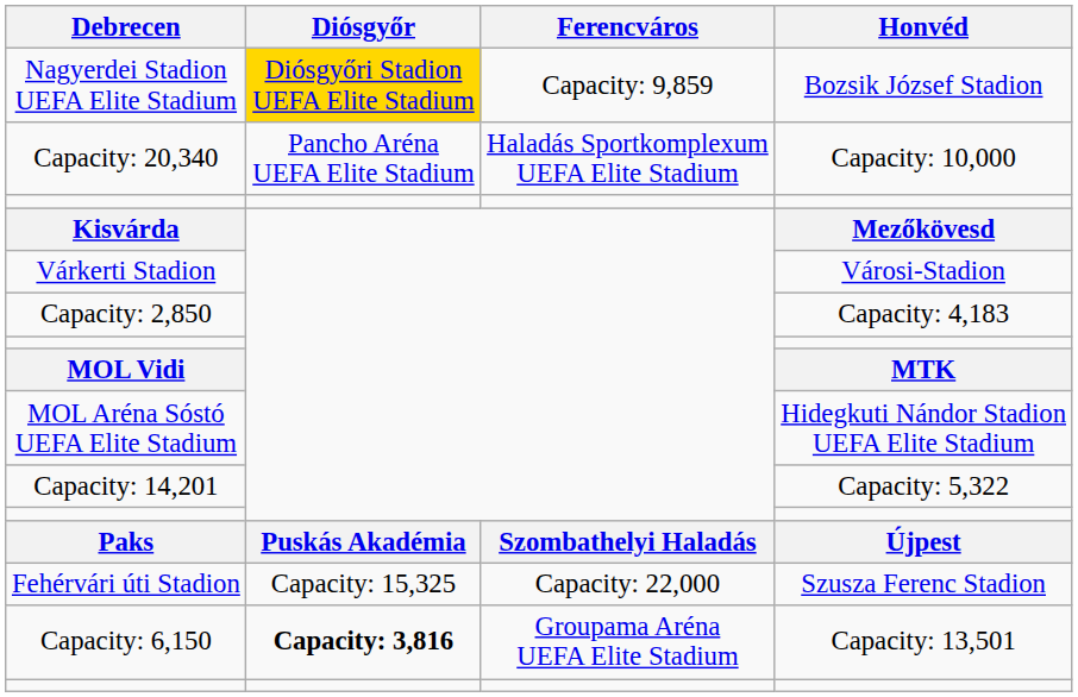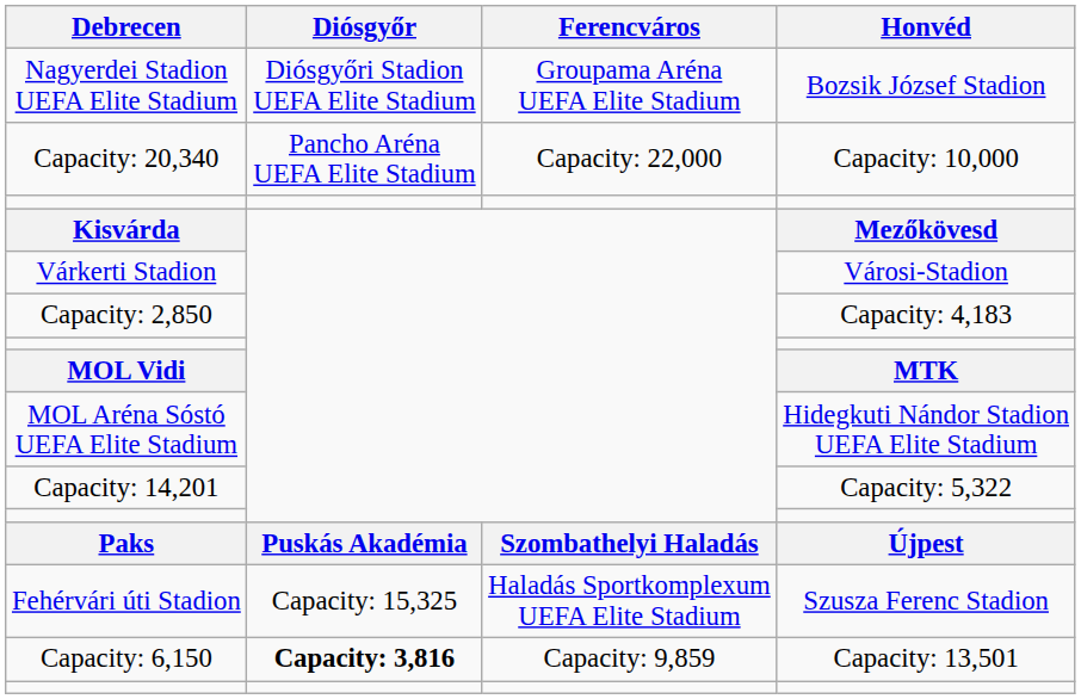 <table class="wikitable" style="text-align:center;">
 <tr>
 <th><a href='#'>Debrecen</a></th>
 <th><a href='#'>Diósgyőr</a></th>
 <th><a href='#'>Ferencváros</a></th>
 <th><a href='#'>Honvéd</a></th>
 </tr>
 <tr>
 <td><a href='#'>Nagyerdei Stadion</a> <br><a href='#'>UEFA Elite Stadium</a><br></td>
-<td style="background: gold;"><a href='#'>Diósgyőri Stadion</a> <br><a href='#'>UEFA Elite Stadium</a><br></td>
-<td>Capacity: 9,859</td>
+<td><a href='#'>Diósgyőri Stadion</a> <br><a href='#'>UEFA Elite Stadium</a><br></td>
+<td><a href='#'>Groupama Aréna</a> <br><a href='#'>UEFA Elite Stadium</a><br></td>
 <td><a href='#'>Bozsik József Stadion</a></td>
 </tr>
 <tr>
 <td>Capacity: 20,340</td>
 <td><a href='#'>Pancho Aréna</a><br><a href='#'>UEFA Elite Stadium</a><br></td>
-<td><a href='#'>Haladás Sportkomplexum</a><br><a href='#'>UEFA Elite Stadium</a><br></td>
+<td>Capacity: 22,000</td>
 <td>Capacity: 10,000</td>
 </tr>
 <tr>
 <td></td>
 <td></td>
 <td></td>
 <td></td>
 </tr>
 <tr>
 <th><a href='#'>Kisvárda</a></th>
 <td colspan="2" rowspan="8"><br> </td>
 <th><a href='#'>Mezőkövesd</a></th>
 </tr>
 <tr>
 <td><a href='#'>Várkerti Stadion</a></td>
 <td><a href='#'>Városi-Stadion</a></td>
 </tr>
 <tr>
 <td>Capacity: 2,850</td>
 <td>Capacity: 4,183</td>
 </tr>
 <tr>
 <td></td>
 <td></td>
 </tr>
 <tr>
 <th><a href='#'>MOL Vidi</a></th>
 <th><a href='#'>MTK</a></th>
 </tr>
 <tr>
 <td><a href='#'>MOL Aréna Sóstó</a> <br><a href='#'>UEFA Elite Stadium</a><br></td>
 <td><a href='#'>Hidegkuti Nándor Stadion</a> <br><a href='#'>UEFA Elite Stadium</a><br></td>
 </tr>
 <tr>
 <td>Capacity: 14,201</td>
 <td>Capacity: 5,322</td>
 </tr>
 <tr>
 <td></td>
 <td></td>
 </tr>
 <tr>
 <th><a href='#'>Paks</a></th>
 <th><a href='#'>Puskás Akadémia</a></th>
 <th><a href='#'>Szombathelyi Haladás</a></th>
 <th><a href='#'>Újpest</a></th>
 </tr>
 <tr>
 <td><a href='#'>Fehérvári úti Stadion</a></td>
 <td>Capacity: 15,325</td>
-<td>Capacity: 22,000</td>
+<td><a href='#'>Haladás Sportkomplexum</a><br><a href='#'>UEFA Elite Stadium</a><br></td>
 <td><a href='#'>Szusza Ferenc Stadion</a></td>
 </tr>
 <tr>
 <td>Capacity: 6,150</td>
 <td><strong>Capacity: 3,816</strong></td>
-<td><a href='#'>Groupama Aréna</a> <br><a href='#'>UEFA Elite Stadium</a><br></td>
+<td>Capacity: 9,859</td>
 <td>Capacity: 13,501</td>
 </tr>
 <tr>
 <td></td>
 <td></td>
 <td></td>
 <td></td>
 </tr>
 </table>
